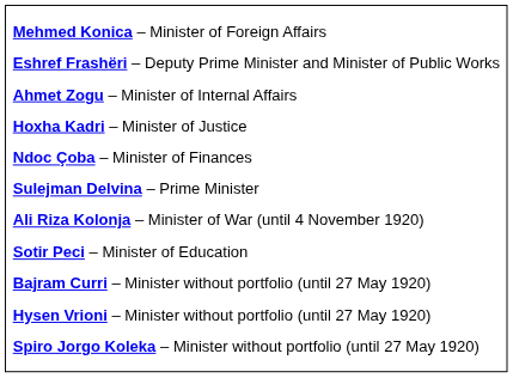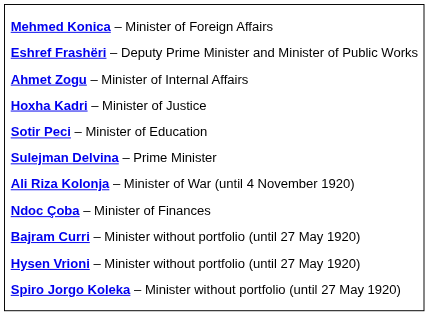 <table cellpadding="1" cellspacing="5" style="border:1px solid #000000; font-size:85%; line-height: 1.5em;">
 <tr>
 <td align="center"></td>
 </tr>
 <tr>
 <td><strong><a href='#'>Mehmed Konica</a></strong> – Minister of Foreign Affairs</td>
 </tr>
 <tr>
 <td><strong><a href='#'>Eshref Frashëri</a></strong> – Deputy Prime Minister and Minister of Public Works</td>
 </tr>
 <tr>
 <td><strong><a href='#'>Ahmet Zogu</a></strong> – Minister of Internal Affairs</td>
 </tr>
 <tr>
 <td><strong><a href='#'>Hoxha Kadri</a></strong> – Minister of Justice</td>
 </tr>
 <tr>
-<td><strong><a href='#'>Ndoc Çoba</a></strong> – Minister of Finances</td>
+<td><strong><a href='#'>Sotir Peci</a></strong> – Minister of Education</td>
 </tr>
 <tr>
 <td><strong><a href='#'>Sulejman Delvina</a></strong> – Prime Minister</td>
 </tr>
 <tr>
 <td><strong><a href='#'>Ali Riza Kolonja</a></strong> – Minister of War (until 4 November 1920)</td>
 </tr>
 <tr>
-<td><strong><a href='#'>Sotir Peci</a></strong> – Minister of Education</td>
+<td><strong><a href='#'>Ndoc Çoba</a></strong> – Minister of Finances</td>
 </tr>
 <tr>
 <td><strong><a href='#'>Bajram Curri</a></strong> – Minister without portfolio (until 27 May 1920)</td>
 </tr>
 <tr>
 <td><strong><a href='#'>Hysen Vrioni</a></strong> – Minister without portfolio (until 27 May 1920)</td>
 </tr>
 <tr>
 <td><strong><a href='#'>Spiro Jorgo Koleka</a></strong> – Minister without portfolio (until 27 May 1920)</td>
 </tr>
 <tr>
 </tr>
 </table>
